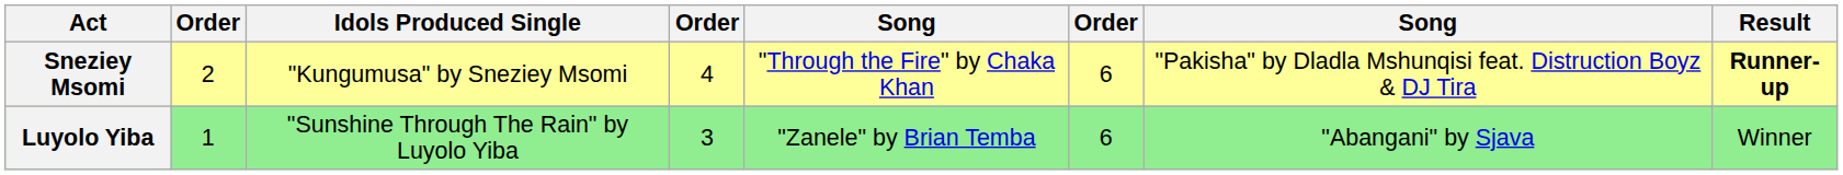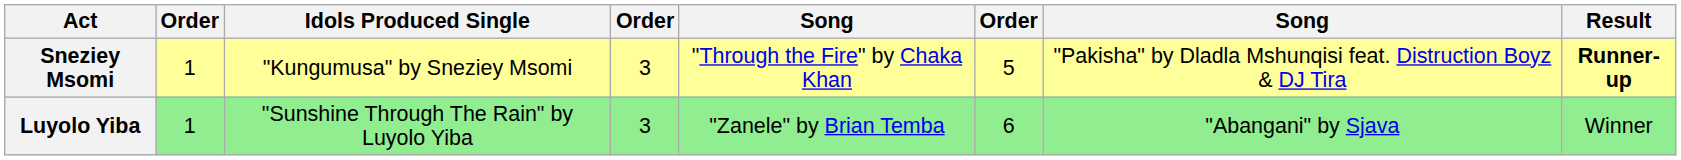 <table class="wikitable plainrowheaders" style="text-align:center;">
 <tr>
 <th scope"col">Act</th>
 <th scope"col">Order</th>
 <th scope"col">Idols Produced Single</th>
 <th scope"col">Order</th>
 <th scope"col">Song</th>
 <th scope"col">Order</th>
 <th scope"col">Song</th>
 <th scope="col">Result</th>
 </tr>
 <tr style="background: #ff9">
 <th scope=row>Sneziey Msomi</th>
-<td>2</td>
+<td>1</td>
 <td>"Kungumusa" by Sneziey Msomi</td>
-<td>4</td>
+<td>3</td>
 <td>"<a href='#'>Through the Fire</a>" by <a href='#'>Chaka Khan</a></td>
-<td>6</td>
+<td>5</td>
 <td>"Pakisha" by Dladla Mshunqisi feat. <a href='#'>Distruction Boyz</a> & <a href='#'>DJ Tira</a></td>
 <td><strong>Runner-up</strong></td>
 </tr>
 <tr style="background: lightgreen">
 <th scope=row>Luyolo Yiba</th>
 <td>1</td>
 <td>"Sunshine Through The Rain" by Luyolo Yiba</td>
 <td>3</td>
 <td>"Zanele" by <a href='#'>Brian Temba</a></td>
 <td>6</td>
 <td>"Abangani" by <a href='#'>Sjava</a></td>
 <td>Winner</td>
 </tr>
 </table>
